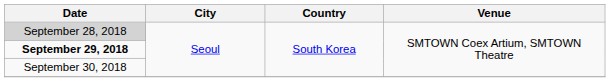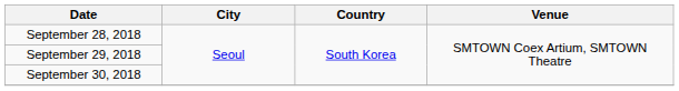 <table class="wikitable" style="text-align:center;">
 <tr>
 <th scope="col" style="width:12em;">Date</th>
 <th scope="col" style="width:10em;">City</th>
 <th scope="col" style="width:10em;">Country</th>
 <th scope="col" style="width:19em;">Venue</th>
 </tr>
 <tr>
-<td style="background: lightgrey;">September 28, 2018</td>
+<td>September 28, 2018</td>
 <td rowspan="3"><a href='#'>Seoul</a></td>
 <td rowspan="3"><a href='#'>South Korea</a></td>
 <td rowspan="3">SMTOWN Coex Artium, SMTOWN Theatre</td>
 </tr>
 <tr>
-<td><strong>September 29, 2018</strong></td>
+<td>September 29, 2018</td>
 </tr>
 <tr>
 <td>September 30, 2018</td>
 </tr>
 <tr>
 </tr>
 </table>
